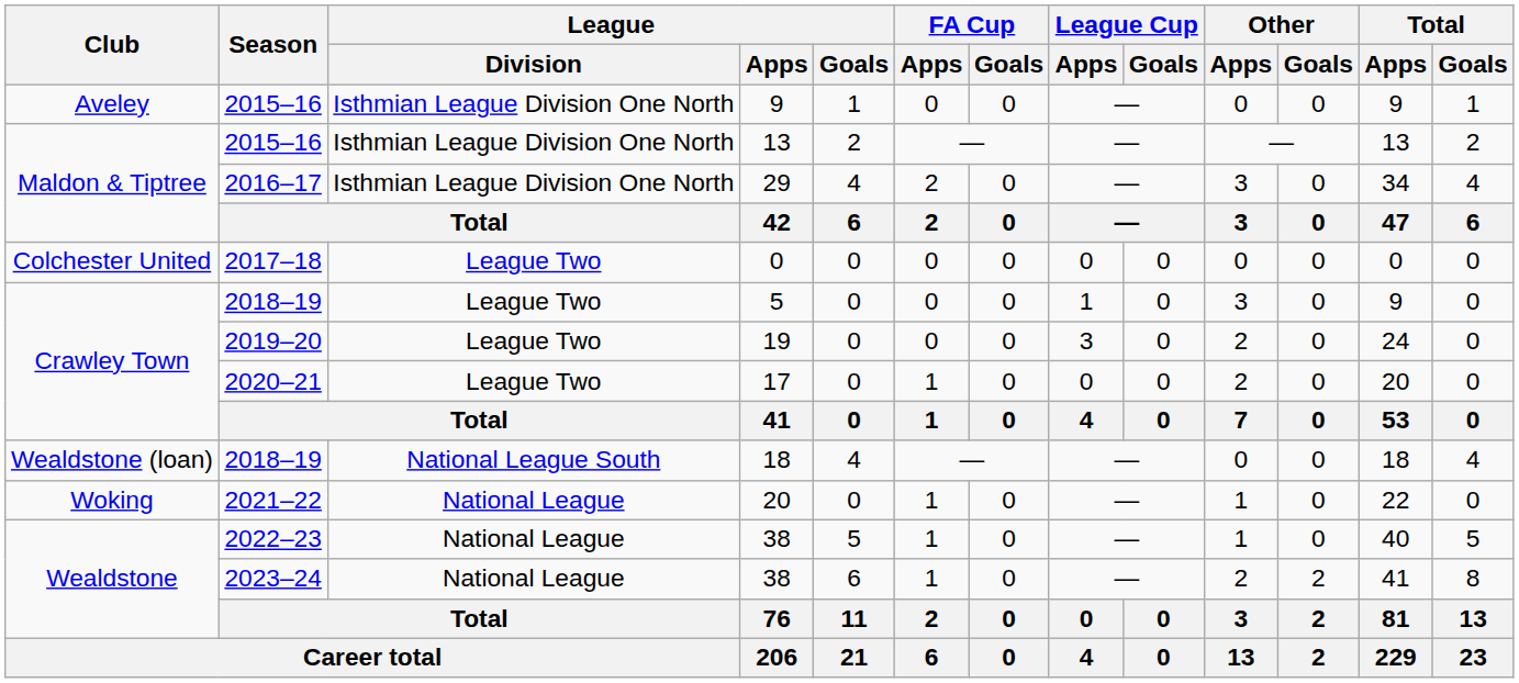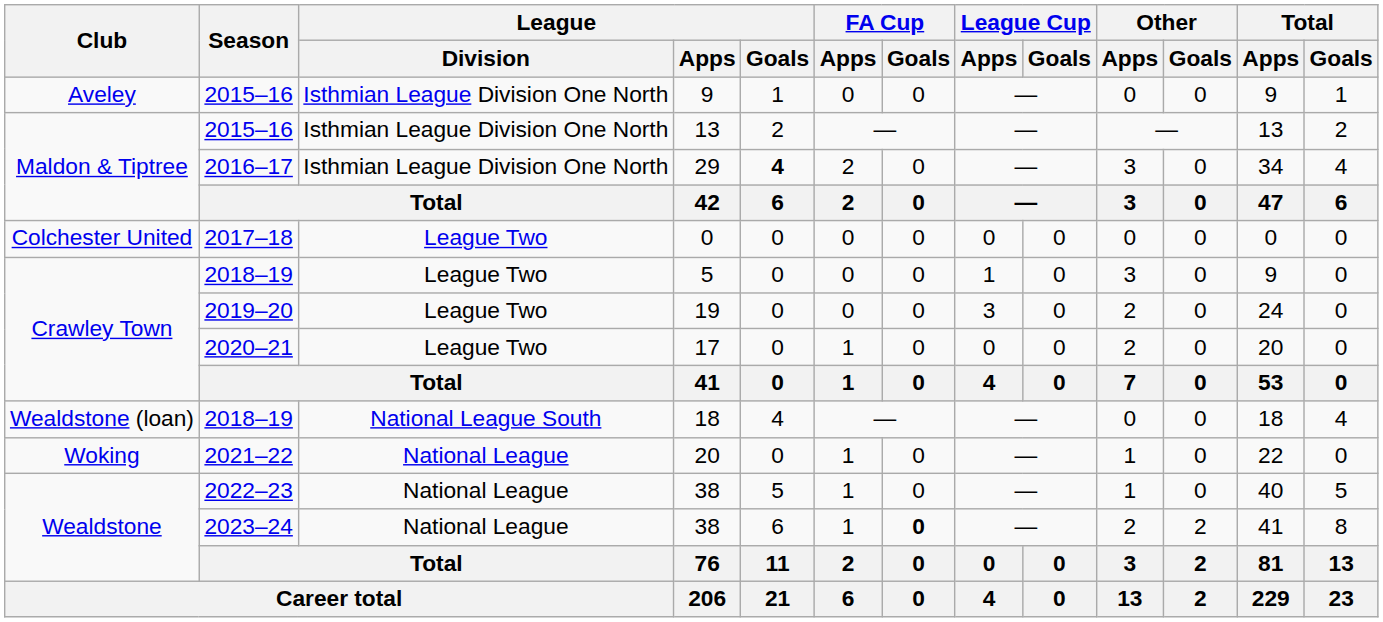 <table class="wikitable" style="text-align:center">
 <tr>
 <th rowspan="2">Club</th>
 <th rowspan="2">Season</th>
 <th colspan="3">League</th>
 <th colspan="2"><a href='#'>FA Cup</a></th>
 <th colspan="2"><a href='#'>League Cup</a></th>
 <th colspan="2">Other</th>
 <th colspan="2">Total</th>
 </tr>
 <tr>
 <th>Division</th>
 <th>Apps</th>
 <th>Goals</th>
 <th>Apps</th>
 <th>Goals</th>
 <th>Apps</th>
 <th>Goals</th>
 <th>Apps</th>
 <th>Goals</th>
 <th>Apps</th>
 <th>Goals</th>
 </tr>
 <tr>
 <td rowspan="1"><a href='#'>Aveley</a></td>
 <td><a href='#'>2015–16</a></td>
 <td><a href='#'>Isthmian League</a> Division One North</td>
 <td>9</td>
 <td>1</td>
 <td>0</td>
 <td>0</td>
 <td colspan="2">—</td>
 <td>0</td>
 <td>0</td>
 <td>9</td>
 <td>1</td>
 </tr>
 <tr>
 <td rowspan="3"><a href='#'>Maldon & Tiptree</a></td>
 <td><a href='#'>2015–16</a></td>
 <td>Isthmian League Division One North</td>
 <td>13</td>
 <td>2</td>
 <td colspan="2">—</td>
 <td colspan="2">—</td>
 <td colspan="2">—</td>
 <td>13</td>
 <td>2</td>
 </tr>
 <tr>
 <td><a href='#'>2016–17</a></td>
 <td>Isthmian League Division One North</td>
 <td>29</td>
-<td>4</td>
+<td><strong>4</strong></td>
 <td>2</td>
 <td>0</td>
 <td colspan="2">—</td>
 <td>3</td>
 <td>0</td>
 <td>34</td>
 <td>4</td>
 </tr>
 <tr>
 <th colspan=2>Total</th>
 <th>42</th>
 <th>6</th>
 <th>2</th>
 <th>0</th>
 <th colspan="2">—</th>
 <th>3</th>
 <th>0</th>
 <th>47</th>
 <th>6</th>
 </tr>
 <tr>
 <td rowspan="1"><a href='#'>Colchester United</a></td>
 <td><a href='#'>2017–18</a></td>
 <td><a href='#'>League Two</a></td>
 <td>0</td>
 <td>0</td>
 <td>0</td>
 <td>0</td>
 <td>0</td>
 <td>0</td>
 <td>0</td>
 <td>0</td>
 <td>0</td>
 <td>0</td>
 </tr>
 <tr>
 <td rowspan="4"><a href='#'>Crawley Town</a></td>
 <td><a href='#'>2018–19</a></td>
 <td>League Two</td>
 <td>5</td>
 <td>0</td>
 <td>0</td>
 <td>0</td>
 <td>1</td>
 <td>0</td>
 <td>3</td>
 <td>0</td>
 <td>9</td>
 <td>0</td>
 </tr>
 <tr>
 <td><a href='#'>2019–20</a></td>
 <td>League Two</td>
 <td>19</td>
 <td>0</td>
 <td>0</td>
 <td>0</td>
 <td>3</td>
 <td>0</td>
 <td>2</td>
 <td>0</td>
 <td>24</td>
 <td>0</td>
 </tr>
 <tr>
 <td><a href='#'>2020–21</a></td>
 <td>League Two</td>
 <td>17</td>
 <td>0</td>
 <td>1</td>
 <td>0</td>
 <td>0</td>
 <td>0</td>
 <td>2</td>
 <td>0</td>
 <td>20</td>
 <td>0</td>
 </tr>
 <tr>
 <th colspan=2>Total</th>
 <th>41</th>
 <th>0</th>
 <th>1</th>
 <th>0</th>
 <th>4</th>
 <th>0</th>
 <th>7</th>
 <th>0</th>
 <th>53</th>
 <th>0</th>
 </tr>
 <tr>
 <td rowspan="1"><a href='#'>Wealdstone</a> (loan)</td>
 <td><a href='#'>2018–19</a></td>
 <td><a href='#'>National League South</a></td>
 <td>18</td>
 <td>4</td>
 <td colspan="2">—</td>
 <td colspan="2">—</td>
 <td>0</td>
 <td>0</td>
 <td>18</td>
 <td>4</td>
 </tr>
 <tr>
 <td rowspan="1"><a href='#'>Woking</a></td>
 <td><a href='#'>2021–22</a></td>
 <td><a href='#'>National League</a></td>
 <td>20</td>
 <td>0</td>
 <td>1</td>
 <td>0</td>
 <td colspan="2">—</td>
 <td>1</td>
 <td>0</td>
 <td>22</td>
 <td>0</td>
 </tr>
 <tr>
 <td rowspan="3"><a href='#'>Wealdstone</a></td>
 <td><a href='#'>2022–23</a></td>
 <td>National League</td>
 <td>38</td>
 <td>5</td>
 <td>1</td>
 <td>0</td>
 <td colspan="2">—</td>
 <td>1</td>
 <td>0</td>
 <td>40</td>
 <td>5</td>
 </tr>
 <tr>
 <td><a href='#'>2023–24</a></td>
 <td>National League</td>
 <td>38</td>
 <td>6</td>
 <td>1</td>
-<td>0</td>
+<td><strong>0</strong></td>
 <td colspan="2">—</td>
 <td>2</td>
 <td>2</td>
 <td>41</td>
 <td>8</td>
 </tr>
 <tr>
 <th colspan=2>Total</th>
 <th>76</th>
 <th>11</th>
 <th>2</th>
 <th>0</th>
 <th>0</th>
 <th>0</th>
 <th>3</th>
 <th>2</th>
 <th>81</th>
 <th>13</th>
 </tr>
 <tr>
 <th colspan=3>Career total</th>
 <th>206</th>
 <th>21</th>
 <th>6</th>
 <th>0</th>
 <th>4</th>
 <th>0</th>
 <th>13</th>
 <th>2</th>
 <th>229</th>
 <th>23</th>
 </tr>
 </table>
